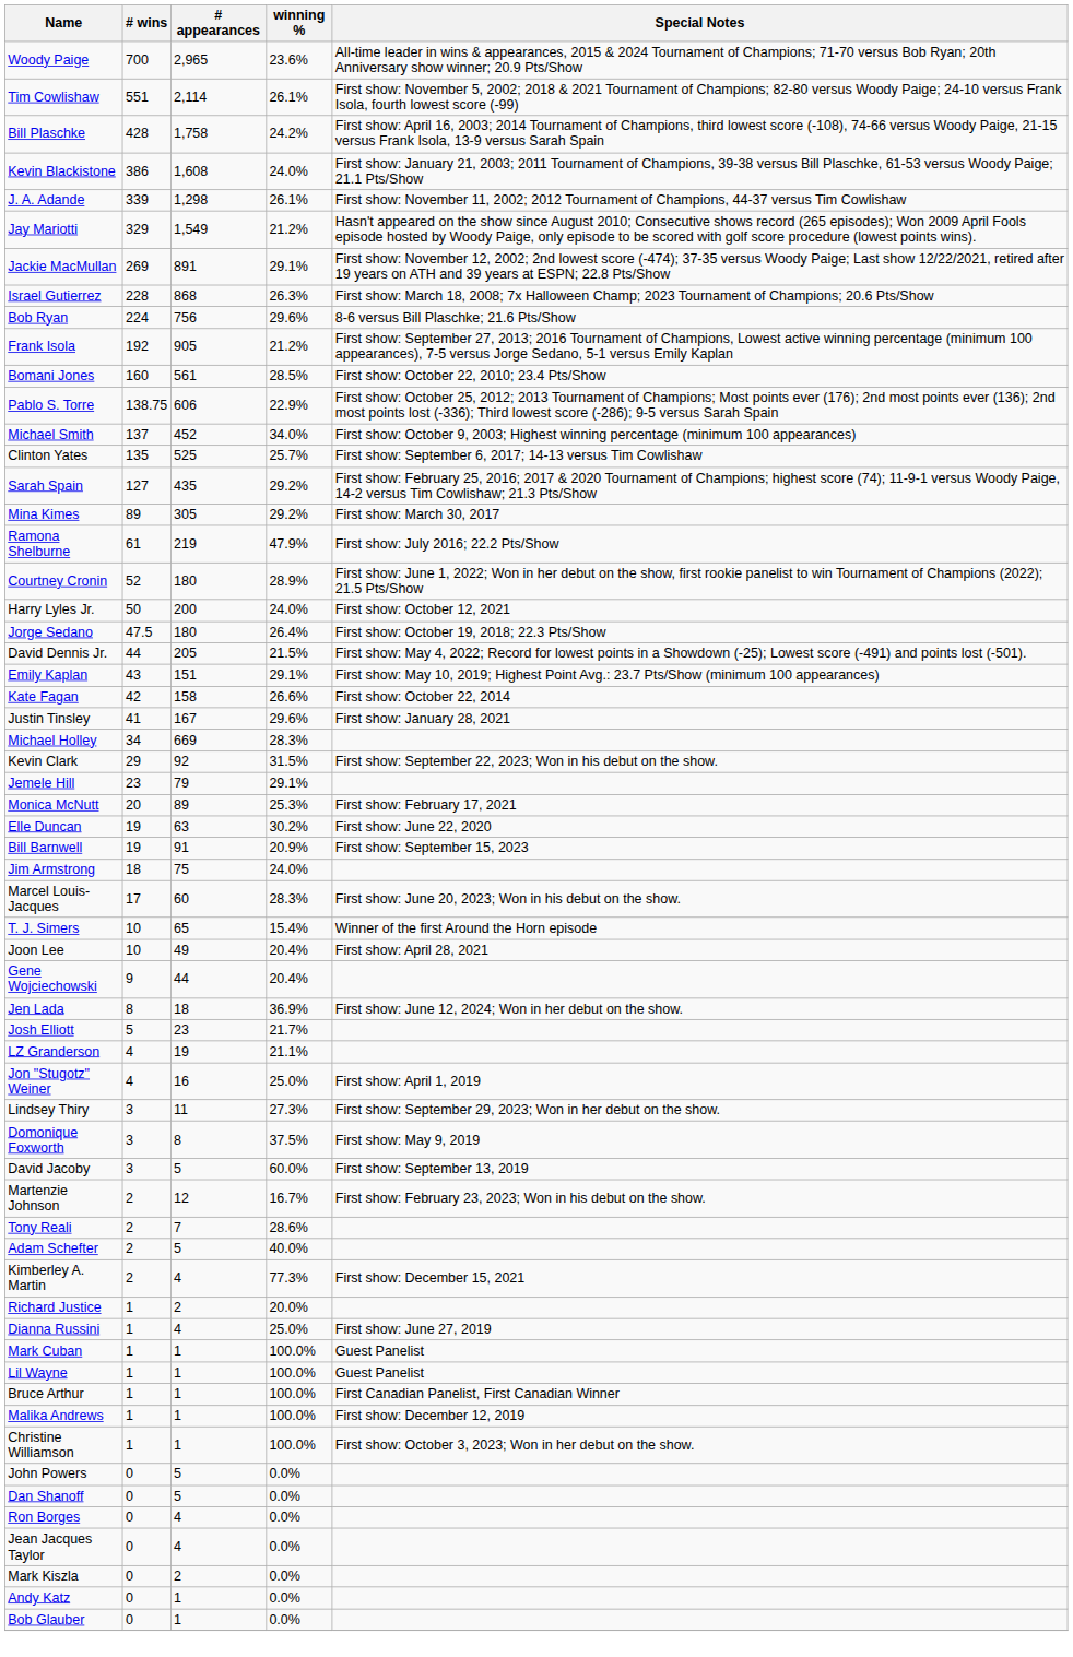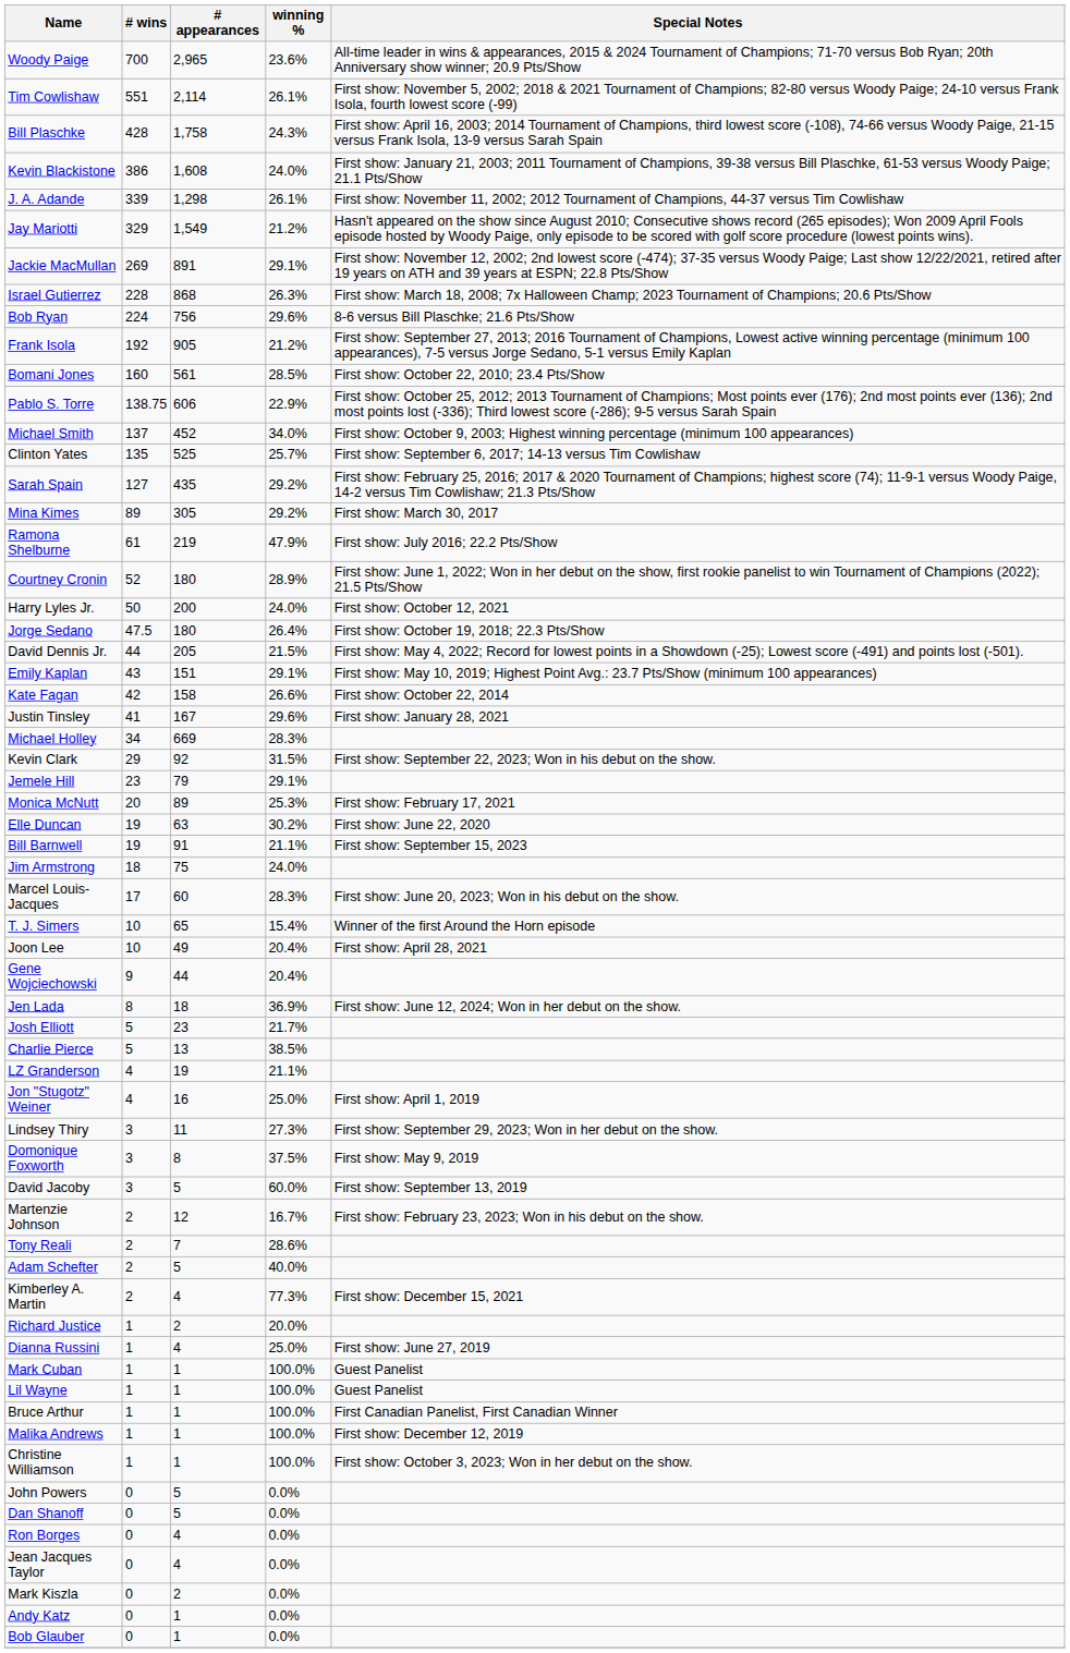 <table class="wikitable sortable">
 <tr>
 <th>Name</th>
 <th># wins</th>
 <th># appearances</th>
 <th>winning %</th>
 <th>Special Notes</th>
 </tr>
 <tr>
 <td><a href='#'>Woody Paige</a></td>
 <td>700</td>
 <td>2,965</td>
 <td>23.6%</td>
 <td>All-time leader in wins & appearances, 2015 & 2024 Tournament of Champions; 71-70 versus Bob Ryan; 20th Anniversary show winner; 20.9 Pts/Show</td>
 </tr>
 <tr>
 <td><a href='#'>Tim Cowlishaw</a></td>
 <td>551</td>
 <td>2,114</td>
 <td>26.1%</td>
 <td>First show: November 5, 2002; 2018 & 2021 Tournament of Champions; 82-80 versus Woody Paige; 24-10 versus Frank Isola, fourth lowest score (-99)</td>
 </tr>
 <tr>
 <td><a href='#'>Bill Plaschke</a></td>
 <td>428</td>
 <td>1,758</td>
-<td>24.2%</td>
+<td>24.3%</td>
 <td>First show: April 16, 2003; 2014 Tournament of Champions, third lowest score (-108), 74-66 versus Woody Paige, 21-15 versus Frank Isola, 13-9 versus Sarah Spain</td>
 </tr>
 <tr>
 <td><a href='#'>Kevin Blackistone</a></td>
 <td>386</td>
 <td>1,608</td>
 <td>24.0%</td>
 <td>First show: January 21, 2003; 2011 Tournament of Champions, 39-38 versus Bill Plaschke, 61-53 versus Woody Paige; 21.1 Pts/Show</td>
 </tr>
 <tr>
 <td><a href='#'>J. A. Adande</a></td>
 <td>339</td>
 <td>1,298</td>
 <td>26.1%</td>
 <td>First show: November 11, 2002; 2012 Tournament of Champions, 44-37 versus Tim Cowlishaw</td>
 </tr>
 <tr>
 <td><a href='#'>Jay Mariotti</a></td>
 <td>329</td>
 <td>1,549</td>
 <td>21.2%</td>
 <td>Hasn't appeared on the show since August 2010; Consecutive shows record (265 episodes); Won 2009 April Fools episode hosted by Woody Paige, only episode to be scored with golf score procedure (lowest points wins).</td>
 </tr>
 <tr>
 <td><a href='#'>Jackie MacMullan</a></td>
 <td>269</td>
 <td>891</td>
 <td>29.1%</td>
 <td>First show: November 12, 2002; 2nd lowest score (-474); 37-35 versus Woody Paige; Last show 12/22/2021, retired after 19 years on ATH and 39 years at ESPN; 22.8 Pts/Show</td>
 </tr>
 <tr>
 <td><a href='#'>Israel Gutierrez</a></td>
 <td>228</td>
 <td>868</td>
 <td>26.3%</td>
 <td>First show: March 18, 2008; 7x Halloween Champ; 2023 Tournament of Champions; 20.6 Pts/Show</td>
 </tr>
 <tr>
 <td><a href='#'>Bob Ryan</a></td>
 <td>224</td>
 <td>756</td>
 <td>29.6%</td>
 <td>8-6 versus Bill Plaschke; 21.6 Pts/Show</td>
 </tr>
 <tr>
 <td><a href='#'>Frank Isola</a></td>
 <td>192</td>
 <td>905</td>
 <td>21.2%</td>
 <td>First show: September 27, 2013; 2016 Tournament of Champions, Lowest active winning percentage (minimum 100 appearances), 7-5 versus Jorge Sedano, 5-1 versus Emily Kaplan</td>
 </tr>
 <tr>
 <td><a href='#'>Bomani Jones</a></td>
 <td>160</td>
 <td>561</td>
 <td>28.5%</td>
 <td>First show: October 22, 2010; 23.4 Pts/Show</td>
 </tr>
 <tr>
 <td><a href='#'>Pablo S. Torre</a></td>
 <td>138.75</td>
 <td>606</td>
 <td>22.9%</td>
 <td>First show: October 25, 2012; 2013 Tournament of Champions; Most points ever (176); 2nd most points ever (136); 2nd most points lost (-336); Third lowest score (-286); 9-5 versus Sarah Spain</td>
 </tr>
 <tr>
 <td><a href='#'>Michael Smith</a></td>
 <td>137</td>
 <td>452</td>
 <td>34.0%</td>
 <td>First show: October 9, 2003; Highest winning percentage (minimum 100 appearances)</td>
 </tr>
 <tr>
 <td>Clinton Yates</td>
 <td>135</td>
 <td>525</td>
 <td>25.7%</td>
 <td>First show: September 6, 2017; 14-13 versus Tim Cowlishaw</td>
 </tr>
 <tr>
 <td><a href='#'>Sarah Spain</a></td>
 <td>127</td>
 <td>435</td>
 <td>29.2%</td>
 <td>First show: February 25, 2016; 2017 & 2020 Tournament of Champions; highest score (74); 11-9-1 versus Woody Paige, 14-2 versus Tim Cowlishaw; 21.3 Pts/Show</td>
 </tr>
 <tr>
 <td><a href='#'>Mina Kimes</a></td>
 <td>89</td>
 <td>305</td>
 <td>29.2%</td>
 <td>First show: March 30, 2017</td>
 </tr>
 <tr>
 <td><a href='#'>Ramona Shelburne</a></td>
 <td>61</td>
 <td>219</td>
 <td>47.9%</td>
 <td>First show: July 2016; 22.2 Pts/Show</td>
 </tr>
 <tr>
 <td><a href='#'>Courtney Cronin</a></td>
 <td>52</td>
 <td>180</td>
 <td>28.9%</td>
 <td>First show: June 1, 2022; Won in her debut on the show, first rookie panelist to win Tournament of Champions (2022); 21.5 Pts/Show</td>
 </tr>
 <tr>
 <td>Harry Lyles Jr.</td>
 <td>50</td>
 <td>200</td>
 <td>24.0%</td>
 <td>First show: October 12, 2021</td>
 </tr>
 <tr>
 <td><a href='#'>Jorge Sedano</a></td>
 <td>47.5</td>
 <td>180</td>
 <td>26.4%</td>
 <td>First show: October 19, 2018; 22.3 Pts/Show</td>
 </tr>
 <tr>
 <td>David Dennis Jr.</td>
 <td>44</td>
 <td>205</td>
 <td>21.5%</td>
 <td>First show: May 4, 2022; Record for lowest points in a Showdown (-25); Lowest score (-491) and points lost (-501).</td>
 </tr>
 <tr>
 <td><a href='#'>Emily Kaplan</a></td>
 <td>43</td>
 <td>151</td>
 <td>29.1%</td>
 <td>First show: May 10, 2019; Highest Point Avg.: 23.7 Pts/Show (minimum 100 appearances)</td>
 </tr>
 <tr>
 <td><a href='#'>Kate Fagan</a></td>
 <td>42</td>
 <td>158</td>
 <td>26.6%</td>
 <td>First show: October 22, 2014</td>
 </tr>
 <tr>
 <td>Justin Tinsley</td>
 <td>41</td>
 <td>167</td>
 <td>29.6%</td>
 <td>First show: January 28, 2021</td>
 </tr>
 <tr>
 <td><a href='#'>Michael Holley</a></td>
 <td>34</td>
 <td>669</td>
 <td>28.3%</td>
 <td></td>
 </tr>
 <tr>
 <td>Kevin Clark</td>
 <td>29</td>
 <td>92</td>
 <td>31.5%</td>
 <td>First show: September 22, 2023; Won in his debut on the show.</td>
 </tr>
 <tr>
 <td><a href='#'>Jemele Hill</a></td>
 <td>23</td>
 <td>79</td>
 <td>29.1%</td>
 <td></td>
 </tr>
 <tr>
 <td><a href='#'>Monica McNutt</a></td>
 <td>20</td>
 <td>89</td>
 <td>25.3%</td>
 <td>First show: February 17, 2021</td>
 </tr>
 <tr>
 <td><a href='#'>Elle Duncan</a></td>
 <td>19</td>
 <td>63</td>
 <td>30.2%</td>
 <td>First show: June 22, 2020</td>
 </tr>
 <tr>
 <td><a href='#'>Bill Barnwell</a></td>
 <td>19</td>
 <td>91</td>
-<td>20.9%</td>
+<td>21.1%</td>
 <td>First show: September 15, 2023</td>
 </tr>
 <tr>
 <td><a href='#'>Jim Armstrong</a></td>
 <td>18</td>
 <td>75</td>
 <td>24.0%</td>
 <td></td>
 </tr>
 <tr>
 <td>Marcel Louis-Jacques</td>
 <td>17</td>
 <td>60</td>
 <td>28.3%</td>
 <td>First show: June 20, 2023; Won in his debut on the show.</td>
 </tr>
 <tr>
 <td><a href='#'>T. J. Simers</a></td>
 <td>10</td>
 <td>65</td>
 <td>15.4%</td>
 <td>Winner of the first Around the Horn episode</td>
 </tr>
 <tr>
 <td>Joon Lee</td>
 <td>10</td>
 <td>49</td>
 <td>20.4%</td>
 <td>First show: April 28, 2021</td>
 </tr>
 <tr>
 <td><a href='#'>Gene Wojciechowski</a></td>
 <td>9</td>
 <td>44</td>
 <td>20.4%</td>
 <td></td>
 </tr>
 <tr>
 <td><a href='#'>Jen Lada</a></td>
 <td>8</td>
 <td>18</td>
 <td>36.9%</td>
 <td>First show: June 12, 2024; Won in her debut on the show.</td>
 </tr>
 <tr>
 <td><a href='#'>Josh Elliott</a></td>
 <td>5</td>
 <td>23</td>
 <td>21.7%</td>
+<td></td>
+</tr>
+<tr>
+<td><a href='#'>Charlie Pierce</a></td>
+<td>5</td>
+<td>13</td>
+<td>38.5%</td>
 <td></td>
 </tr>
 <tr>
 <td><a href='#'>LZ Granderson</a></td>
 <td>4</td>
 <td>19</td>
 <td>21.1%</td>
 <td></td>
 </tr>
 <tr>
 <td><a href='#'>Jon "Stugotz" Weiner</a></td>
 <td>4</td>
 <td>16</td>
 <td>25.0%</td>
 <td>First show: April 1, 2019</td>
 </tr>
 <tr>
 <td>Lindsey Thiry</td>
 <td>3</td>
 <td>11</td>
 <td>27.3%</td>
 <td>First show: September 29, 2023; Won in her debut on the show.</td>
 </tr>
 <tr>
 <td><a href='#'>Domonique Foxworth</a></td>
 <td>3</td>
 <td>8</td>
 <td>37.5%</td>
 <td>First show: May 9, 2019</td>
 </tr>
 <tr>
 <td>David Jacoby</td>
 <td>3</td>
 <td>5</td>
 <td>60.0%</td>
 <td>First show: September 13, 2019</td>
 </tr>
 <tr>
 <td>Martenzie Johnson</td>
 <td>2</td>
 <td>12</td>
 <td>16.7%</td>
 <td>First show: February 23, 2023; Won in his debut on the show.</td>
 </tr>
 <tr>
 <td><a href='#'>Tony Reali</a></td>
 <td>2</td>
 <td>7</td>
 <td>28.6%</td>
 <td></td>
 </tr>
 <tr>
 <td><a href='#'>Adam Schefter</a></td>
 <td>2</td>
 <td>5</td>
 <td>40.0%</td>
 <td></td>
 </tr>
 <tr>
 <td>Kimberley A. Martin</td>
 <td>2</td>
 <td>4</td>
 <td>77.3%</td>
 <td>First show: December 15, 2021</td>
 </tr>
 <tr>
 <td><a href='#'>Richard Justice</a></td>
 <td>1</td>
 <td>2</td>
 <td>20.0%</td>
 <td></td>
 </tr>
 <tr>
 <td><a href='#'>Dianna Russini</a></td>
 <td>1</td>
 <td>4</td>
 <td>25.0%</td>
 <td>First show: June 27, 2019</td>
 </tr>
 <tr>
 <td><a href='#'>Mark Cuban</a></td>
 <td>1</td>
 <td>1</td>
 <td>100.0%</td>
 <td>Guest Panelist</td>
 </tr>
 <tr>
 <td><a href='#'>Lil Wayne</a></td>
 <td>1</td>
 <td>1</td>
 <td>100.0%</td>
 <td>Guest Panelist</td>
 </tr>
 <tr>
 <td>Bruce Arthur</td>
 <td>1</td>
 <td>1</td>
 <td>100.0%</td>
 <td>First Canadian Panelist, First Canadian Winner</td>
 </tr>
 <tr>
 <td><a href='#'>Malika Andrews</a></td>
 <td>1</td>
 <td>1</td>
 <td>100.0%</td>
 <td>First show: December 12, 2019</td>
 </tr>
 <tr>
 <td>Christine Williamson</td>
 <td>1</td>
 <td>1</td>
 <td>100.0%</td>
 <td>First show: October 3, 2023; Won in her debut on the show.</td>
 </tr>
 <tr>
 <td>John Powers</td>
 <td>0</td>
 <td>5</td>
 <td>0.0%</td>
 <td></td>
 </tr>
 <tr>
 <td><a href='#'>Dan Shanoff</a></td>
 <td>0</td>
 <td>5</td>
 <td>0.0%</td>
 <td></td>
 </tr>
 <tr>
 <td><a href='#'>Ron Borges</a></td>
 <td>0</td>
 <td>4</td>
 <td>0.0%</td>
 <td></td>
 </tr>
 <tr>
 <td>Jean Jacques Taylor</td>
 <td>0</td>
 <td>4</td>
 <td>0.0%</td>
 <td></td>
 </tr>
 <tr>
 <td>Mark Kiszla</td>
 <td>0</td>
 <td>2</td>
 <td>0.0%</td>
 <td></td>
 </tr>
 <tr>
 <td><a href='#'>Andy Katz</a></td>
 <td>0</td>
 <td>1</td>
 <td>0.0%</td>
 <td></td>
 </tr>
 <tr>
 <td><a href='#'>Bob Glauber</a></td>
 <td>0</td>
 <td>1</td>
 <td>0.0%</td>
 <td></td>
 </tr>
 <tr>
 </tr>
 </table>
